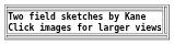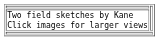 <table border="1" style="float:right; margin-left:1em;">
 <tr>
 <td valign="top"></td>
 <td rowspan="2"></td>
 </tr>
 <tr>
-<td><strong>Two field sketches by Kane<br>Click images for larger views</strong></td>
+<td>Two field sketches by Kane<br>Click images for larger views</td>
 </tr>
 <tr>
 <td colspan="2"></td>
 </tr>
 </table>
